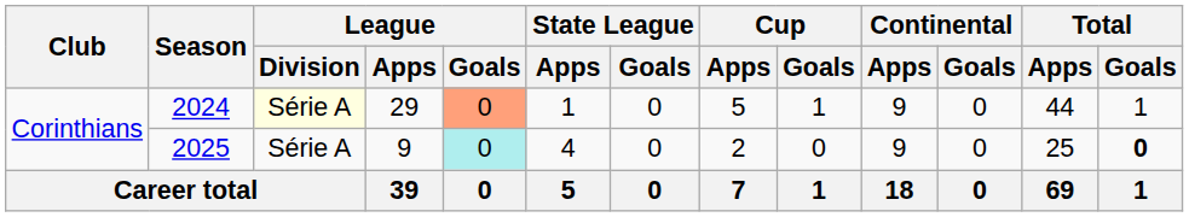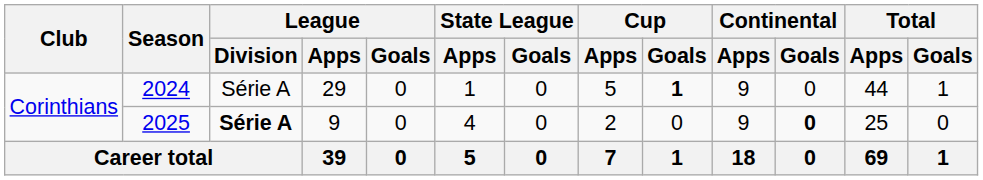 <table class="wikitable" style="text-align: center">
 <tr>
 <th rowspan="2">Club</th>
 <th rowspan="2">Season</th>
 <th colspan="3">League</th>
 <th colspan="2">State League</th>
 <th colspan="2">Cup</th>
 <th colspan="2">Continental</th>
 <th colspan="2">Total</th>
 </tr>
 <tr>
 <th>Division</th>
 <th>Apps</th>
 <th>Goals</th>
 <th>Apps</th>
 <th>Goals</th>
 <th>Apps</th>
 <th>Goals</th>
 <th>Apps</th>
 <th>Goals</th>
 <th>Apps</th>
 <th>Goals</th>
 </tr>
 <tr>
 <td rowspan="2"><a href='#'>Corinthians</a></td>
 <td><a href='#'>2024</a></td>
-<td style="background: lightyellow;">Série A</td>
+<td>Série A</td>
 <td>29</td>
-<td style="background: lightsalmon;">0</td>
+<td>0</td>
 <td>1</td>
 <td>0</td>
 <td>5</td>
-<td>1</td>
+<td><strong>1</strong></td>
 <td>9</td>
 <td>0</td>
 <td>44</td>
 <td>1</td>
 </tr>
 <tr>
 <td><a href='#'>2025</a></td>
-<td>Série A</td>
+<td><strong>Série A</strong></td>
 <td>9</td>
-<td style="background: paleturquoise;">0</td>
+<td>0</td>
 <td>4</td>
 <td>0</td>
 <td>2</td>
 <td>0</td>
 <td>9</td>
+<td><strong>0</strong></td>
+<td>25</td>
 <td>0</td>
-<td>25</td>
-<td><strong>0</strong></td>
 </tr>
 <tr>
 <th colspan="3"><strong>Career total</strong></th>
 <th>39</th>
 <th>0</th>
 <th>5</th>
 <th>0</th>
 <th>7</th>
 <th>1</th>
 <th>18</th>
 <th>0</th>
 <th>69</th>
 <th>1</th>
 </tr>
 </table>
